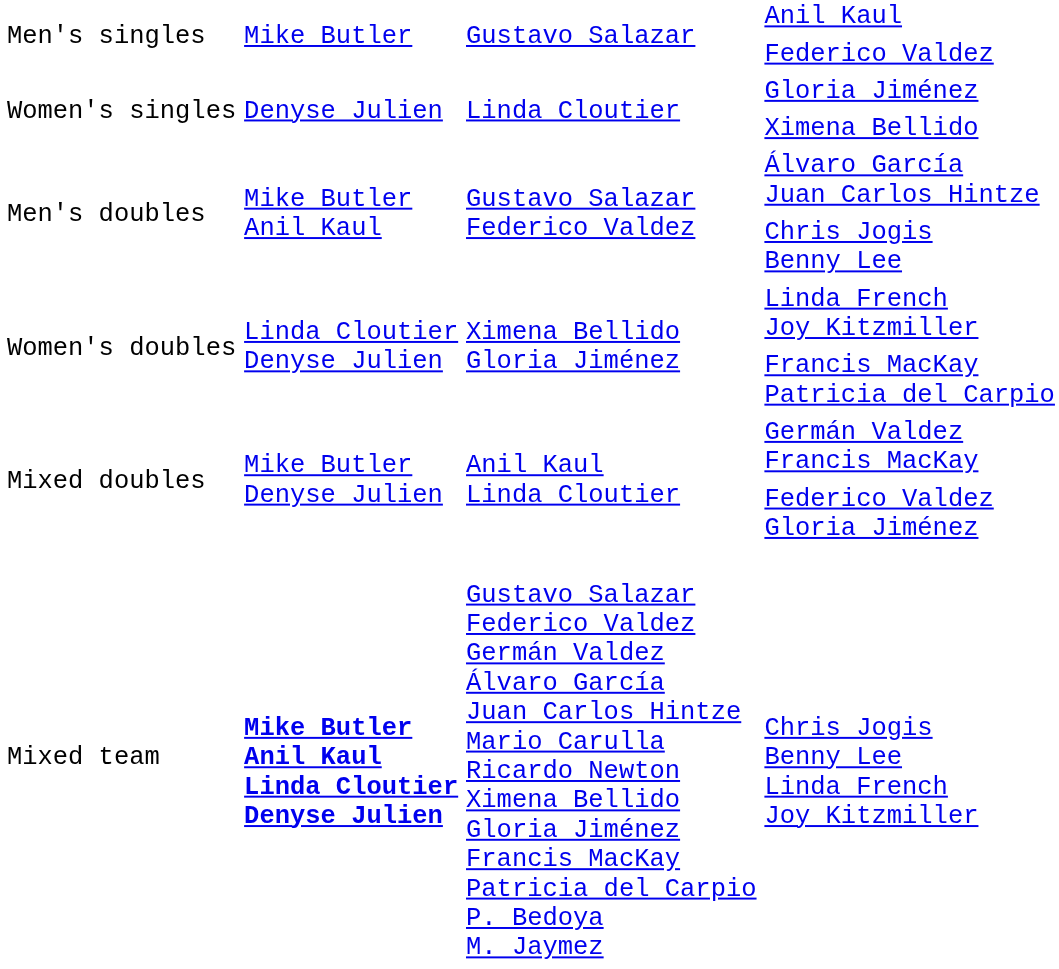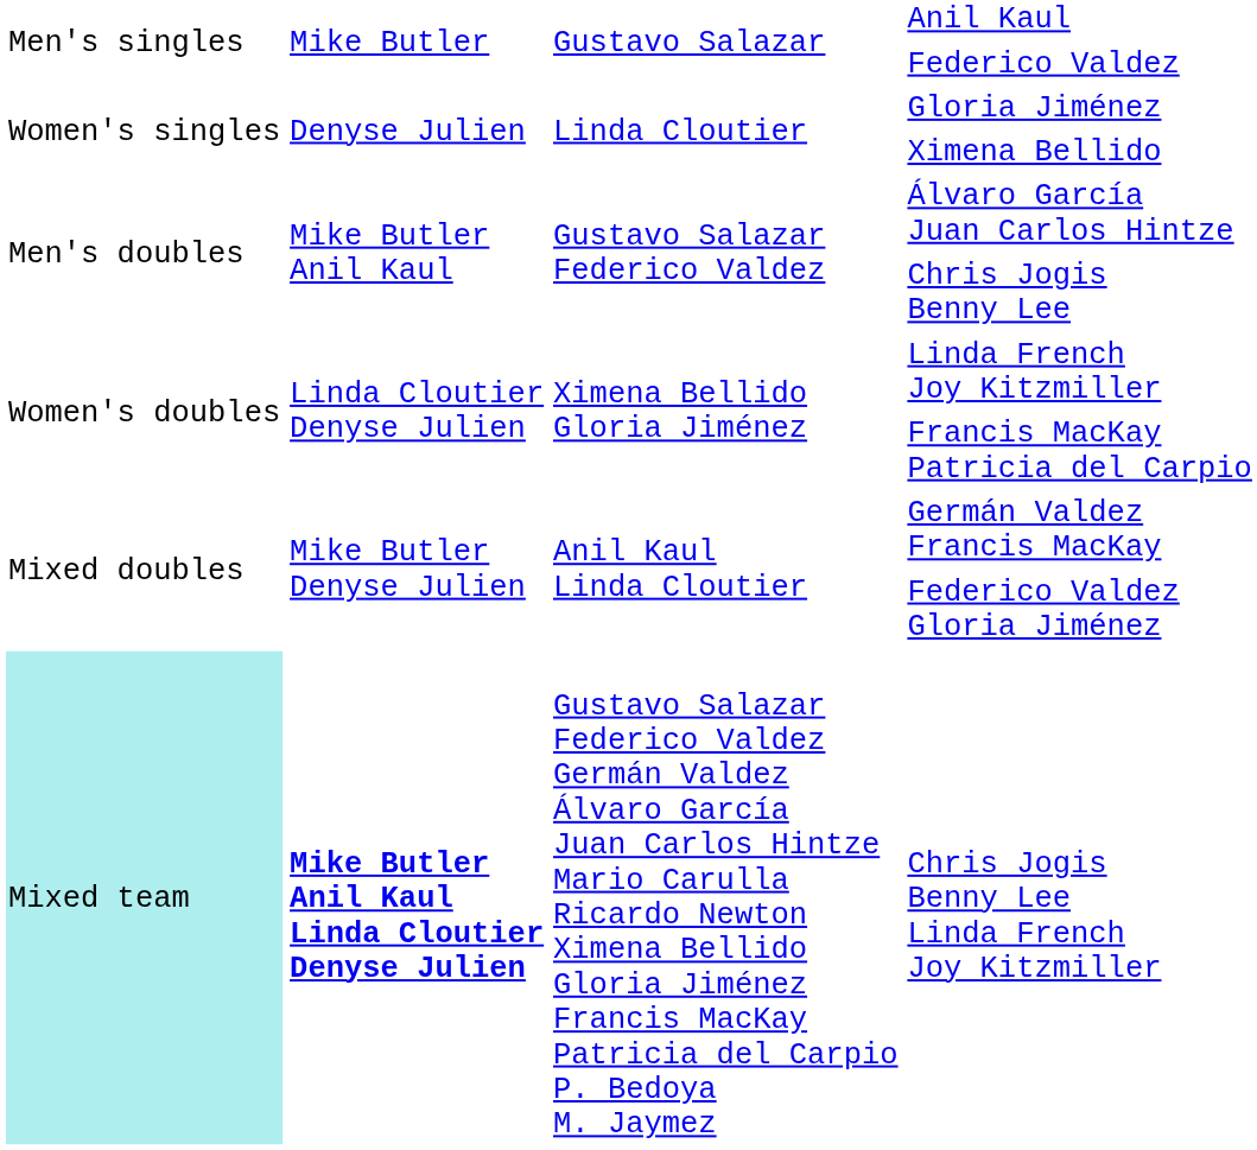 <table>
 <tr>
 <td rowspan="2">Men's singles</td>
 <td rowspan="2"> <a href='#'>Mike Butler</a></td>
 <td rowspan="2"> <a href='#'>Gustavo Salazar</a></td>
 <td> <a href='#'>Anil Kaul</a></td>
 </tr>
 <tr>
 <td> <a href='#'>Federico Valdez</a></td>
 </tr>
 <tr>
 <td rowspan="2">Women's singles</td>
 <td rowspan="2"> <a href='#'>Denyse Julien</a></td>
 <td rowspan="2"> <a href='#'>Linda Cloutier</a></td>
 <td> <a href='#'>Gloria Jiménez</a></td>
 </tr>
 <tr>
 <td> <a href='#'>Ximena Bellido</a></td>
 </tr>
 <tr>
 <td rowspan="2">Men's doubles</td>
 <td rowspan="2"> <a href='#'>Mike Butler</a> <br> <a href='#'>Anil Kaul</a></td>
 <td rowspan="2"> <a href='#'>Gustavo Salazar</a> <br> <a href='#'>Federico Valdez</a></td>
 <td> <a href='#'>Álvaro García</a><br> <a href='#'>Juan Carlos Hintze</a></td>
 </tr>
 <tr>
 <td> <a href='#'>Chris Jogis</a><br> <a href='#'>Benny Lee</a></td>
 </tr>
 <tr>
 <td rowspan="2">Women's doubles</td>
 <td rowspan="2"> <a href='#'>Linda Cloutier</a> <br> <a href='#'>Denyse Julien</a></td>
 <td rowspan="2"> <a href='#'>Ximena Bellido</a> <br> <a href='#'>Gloria Jiménez</a></td>
 <td> <a href='#'>Linda French</a> <br> <a href='#'>Joy Kitzmiller</a></td>
 </tr>
 <tr>
 <td> <a href='#'>Francis MacKay</a><br> <a href='#'>Patricia del Carpio</a></td>
 </tr>
 <tr>
 <td rowspan="2">Mixed doubles</td>
 <td rowspan="2"> <a href='#'>Mike Butler</a> <br> <a href='#'>Denyse Julien</a></td>
 <td rowspan="2"> <a href='#'>Anil Kaul</a> <br> <a href='#'>Linda Cloutier</a></td>
 <td> <a href='#'>Germán Valdez</a><br> <a href='#'>Francis MacKay</a></td>
 </tr>
 <tr>
 <td> <a href='#'>Federico Valdez</a><br> <a href='#'>Gloria Jiménez</a></td>
 </tr>
 <tr>
-<td rowspan=1>Mixed team</td>
+<td rowspan=1 style="background: paleturquoise;">Mixed team</td>
 <td rowspan=1 align="left"><strong><br><a href='#'>Mike Butler</a><br><a href='#'>Anil Kaul</a><br><a href='#'>Linda Cloutier</a><br><a href='#'>Denyse Julien</a></strong></td>
 <td rowspan=1 align="left"><br><a href='#'>Gustavo Salazar</a><br><a href='#'>Federico Valdez</a><br><a href='#'>Germán Valdez</a><br><a href='#'>Álvaro García</a><br><a href='#'>Juan Carlos Hintze</a><br><a href='#'>Mario Carulla</a><br><a href='#'>Ricardo Newton</a><br><a href='#'>Ximena Bellido</a><br><a href='#'>Gloria Jiménez</a><br><a href='#'>Francis MacKay</a><br><a href='#'>Patricia del Carpio</a><br><a href='#'>P. Bedoya</a><br><a href='#'>M. Jaymez</a></td>
 <td align="left"><br><a href='#'>Chris Jogis</a><br><a href='#'>Benny Lee</a><br><a href='#'>Linda French</a><br><a href='#'>Joy Kitzmiller</a></td>
 </tr>
 </table>
